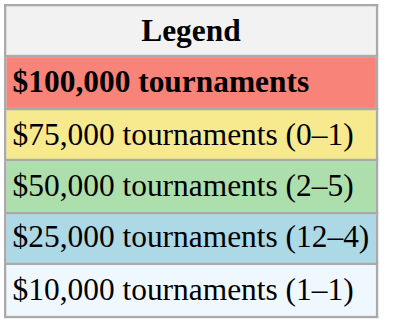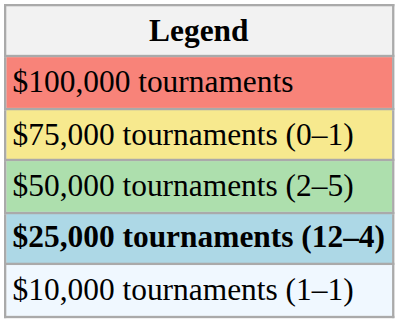 <table class="wikitable" style="font-size:85%;">
 <tr>
 <th>Legend</th>
 </tr>
 <tr style="background:#f88379;">
-<td><strong>$100,000 tournaments</strong></td>
+<td>$100,000 tournaments</td>
 </tr>
 <tr style="background:#f7e98e;">
 <td>$75,000 tournaments (0–1)</td>
 </tr>
 <tr style="background:#addfad;">
 <td>$50,000 tournaments (2–5)</td>
 </tr>
 <tr style="background:lightblue;">
-<td>$25,000 tournaments (12–4)</td>
+<td><strong>$25,000 tournaments (12–4)</strong></td>
 </tr>
 <tr style="background:#f0f8ff;">
 <td>$10,000 tournaments (1–1)</td>
 </tr>
 </table>
